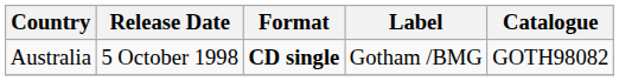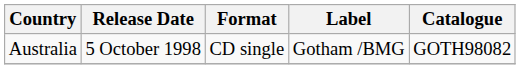 <table class="wikitable" border="1">
 <tr>
 <th>Country</th>
 <th>Release Date</th>
 <th>Format</th>
 <th>Label</th>
 <th>Catalogue</th>
 </tr>
 <tr>
 <td>Australia</td>
 <td>5 October 1998</td>
-<td><strong>CD single</strong></td>
+<td>CD single</td>
 <td>Gotham /BMG</td>
 <td>GOTH98082</td>
 </tr>
 <tr>
 </tr>
 </table>
